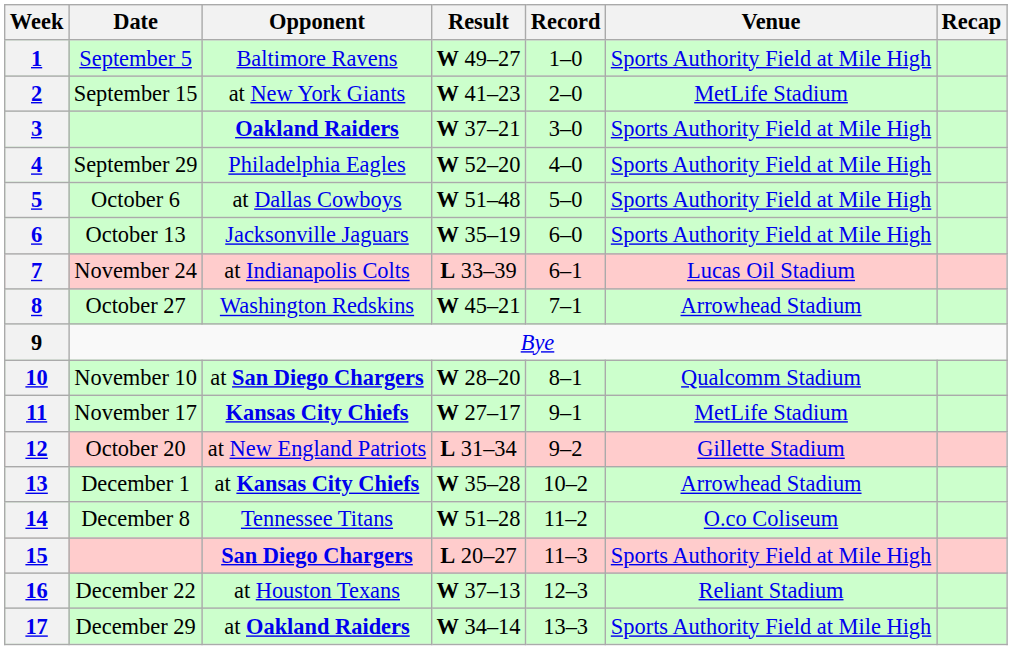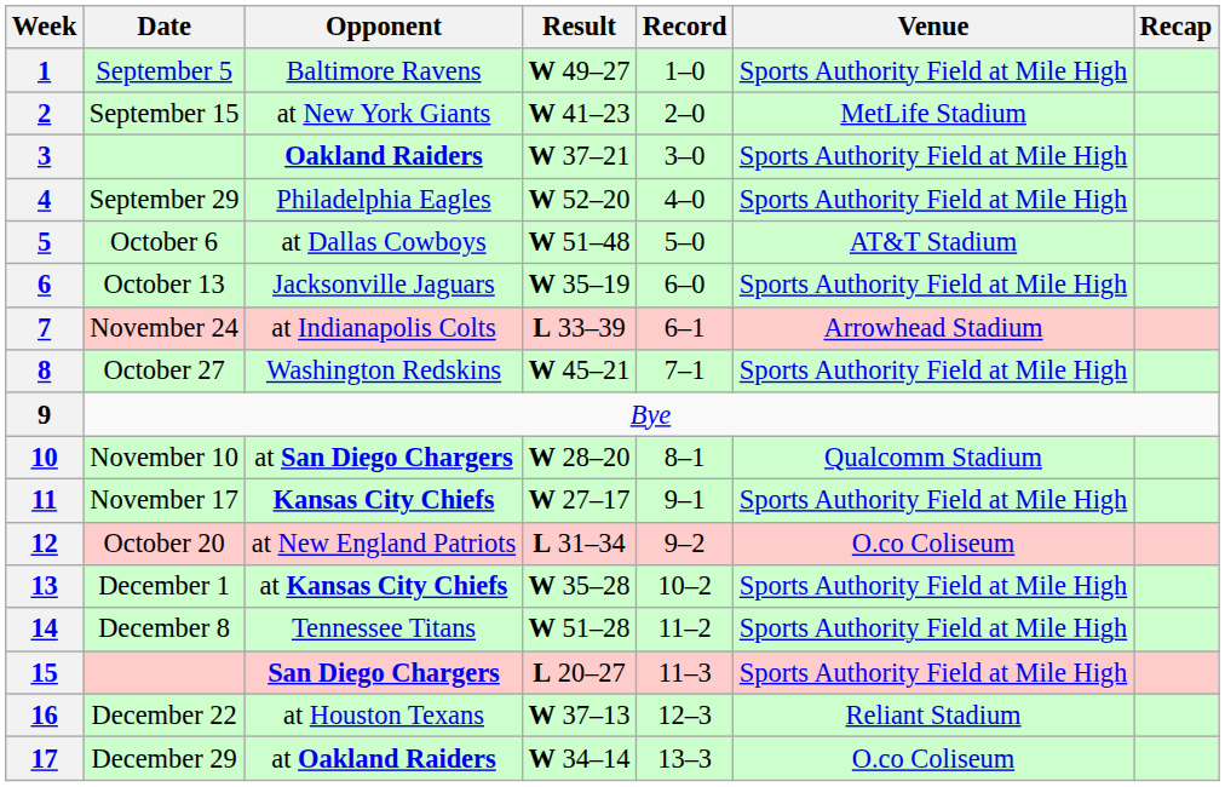 <table class="wikitable" style="text-align:center">
 <tr>
 <th>Week</th>
 <th>Date</th>
 <th>Opponent</th>
 <th>Result</th>
 <th>Record</th>
 <th>Venue</th>
 <th>Recap</th>
 </tr>
 <tr style="background:#cfc">
 <th><a href='#'>1</a></th>
 <td><a href='#'>September 5</a></td>
 <td><a href='#'>Baltimore Ravens</a></td>
 <td><strong>W</strong> 49–27</td>
 <td>1–0</td>
 <td><a href='#'>Sports Authority Field at Mile High</a></td>
 <td></td>
 </tr>
 <tr style="background:#cfc">
 <th><a href='#'>2</a></th>
 <td>September 15</td>
 <td>at <a href='#'>New York Giants</a></td>
 <td><strong>W</strong> 41–23</td>
 <td>2–0</td>
 <td><a href='#'>MetLife Stadium</a></td>
 <td></td>
 </tr>
 <tr style="background:#cfc">
 <th><a href='#'>3</a></th>
 <td></td>
 <td><strong><a href='#'>Oakland Raiders</a></strong></td>
 <td><strong>W</strong> 37–21</td>
 <td>3–0</td>
 <td><a href='#'>Sports Authority Field at Mile High</a></td>
 <td></td>
 </tr>
 <tr style="background:#cfc">
 <th><a href='#'>4</a></th>
 <td>September 29</td>
 <td><a href='#'>Philadelphia Eagles</a></td>
 <td><strong>W</strong> 52–20</td>
 <td>4–0</td>
 <td><a href='#'>Sports Authority Field at Mile High</a></td>
 <td></td>
 </tr>
 <tr style="background:#cfc">
 <th><a href='#'>5</a></th>
 <td>October 6</td>
 <td>at <a href='#'>Dallas Cowboys</a></td>
 <td><strong>W</strong> 51–48</td>
 <td>5–0</td>
-<td><a href='#'>Sports Authority Field at Mile High</a></td>
+<td><a href='#'>AT&T Stadium</a></td>
 <td></td>
 </tr>
 <tr style="background:#cfc">
 <th><a href='#'>6</a></th>
 <td>October 13</td>
 <td><a href='#'>Jacksonville Jaguars</a></td>
 <td><strong>W</strong> 35–19</td>
 <td>6–0</td>
 <td><a href='#'>Sports Authority Field at Mile High</a></td>
 <td></td>
 </tr>
 <tr style="background:#fcc">
 <th><a href='#'>7</a></th>
 <td>November 24</td>
 <td>at <a href='#'>Indianapolis Colts</a></td>
 <td><strong>L</strong> 33–39</td>
 <td>6–1</td>
-<td><a href='#'>Lucas Oil Stadium</a></td>
+<td><a href='#'>Arrowhead Stadium</a></td>
 <td></td>
 </tr>
 <tr style="background:#cfc">
 <th><a href='#'>8</a></th>
 <td>October 27</td>
 <td><a href='#'>Washington Redskins</a></td>
 <td><strong>W</strong> 45–21</td>
 <td>7–1</td>
-<td><a href='#'>Arrowhead Stadium</a></td>
+<td><a href='#'>Sports Authority Field at Mile High</a></td>
 <td></td>
 </tr>
 <tr>
 <th>9</th>
 <td colspan="6"><em><a href='#'>Bye</a></em></td>
 </tr>
 <tr style="background:#cfc">
 <th><a href='#'>10</a></th>
 <td>November 10</td>
 <td>at <strong><a href='#'>San Diego Chargers</a></strong></td>
 <td><strong>W</strong> 28–20</td>
 <td>8–1</td>
 <td><a href='#'>Qualcomm Stadium</a></td>
 <td></td>
 </tr>
 <tr style="background:#cfc">
 <th><a href='#'>11</a></th>
 <td>November 17</td>
 <td><strong><a href='#'>Kansas City Chiefs</a></strong></td>
 <td><strong>W</strong> 27–17</td>
 <td>9–1</td>
-<td><a href='#'>MetLife Stadium</a></td>
+<td><a href='#'>Sports Authority Field at Mile High</a></td>
 <td></td>
 </tr>
 <tr style="background:#fcc">
 <th><a href='#'>12</a></th>
 <td>October 20</td>
 <td>at <a href='#'>New England Patriots</a></td>
 <td><strong>L</strong> 31–34 </td>
 <td>9–2</td>
-<td><a href='#'>Gillette Stadium</a></td>
+<td><a href='#'>O.co Coliseum</a></td>
 <td></td>
 </tr>
 <tr style="background:#cfc">
 <th><a href='#'>13</a></th>
 <td>December 1</td>
 <td>at <strong><a href='#'>Kansas City Chiefs</a></strong></td>
 <td><strong>W</strong> 35–28</td>
 <td>10–2</td>
-<td><a href='#'>Arrowhead Stadium</a></td>
+<td><a href='#'>Sports Authority Field at Mile High</a></td>
 <td></td>
 </tr>
 <tr style="background:#cfc">
 <th><a href='#'>14</a></th>
 <td>December 8</td>
 <td><a href='#'>Tennessee Titans</a></td>
 <td><strong>W</strong> 51–28</td>
 <td>11–2</td>
-<td><a href='#'>O.co Coliseum</a></td>
+<td><a href='#'>Sports Authority Field at Mile High</a></td>
 <td></td>
 </tr>
 <tr style="background:#fcc">
 <th><a href='#'>15</a></th>
 <td></td>
 <td><strong><a href='#'>San Diego Chargers</a></strong></td>
 <td><strong>L</strong> 20–27</td>
 <td>11–3</td>
 <td><a href='#'>Sports Authority Field at Mile High</a></td>
 <td></td>
 </tr>
 <tr style="background:#cfc">
 <th><a href='#'>16</a></th>
 <td>December 22</td>
 <td>at <a href='#'>Houston Texans</a></td>
 <td><strong>W</strong> 37–13</td>
 <td>12–3</td>
 <td><a href='#'>Reliant Stadium</a></td>
 <td></td>
 </tr>
 <tr style="background:#cfc">
 <th><a href='#'>17</a></th>
 <td>December 29</td>
 <td>at <strong><a href='#'>Oakland Raiders</a></strong></td>
 <td><strong>W</strong> 34–14</td>
 <td>13–3</td>
-<td><a href='#'>Sports Authority Field at Mile High</a></td>
+<td><a href='#'>O.co Coliseum</a></td>
 <td></td>
 </tr>
 </table>
